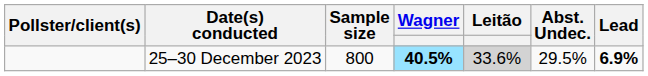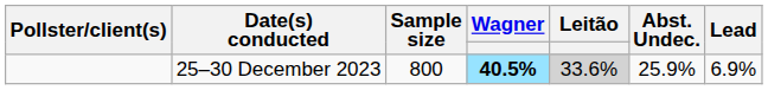 <table class="wikitable" style="text-align:center;font-size:90%;line-height:14px;">
 <tr>
 <th rowspan="2">Pollster/client(s)</th>
 <th rowspan="2">Date(s) <br>conducted</th>
 <th rowspan="2">Sample <br>size</th>
 <th class="unsortable" style="width:50px;"><a href='#'>Wagner</a><br></th>
 <th class="unsortable" style="width:50px;">Leitão<br></th>
 <th rowspan="2">Abst.<br>Undec.</th>
 <th rowspan="2">Lead</th>
 </tr>
 <tr>
 <th data-sort-type="number" class="sortable" style="background:"></th>
 <th data-sort-type="number" class="sortable" style="background:"></th>
 </tr>
 <tr>
 <td></td>
 <td>25–30 December 2023</td>
 <td>800</td>
 <td style="background:#97e3ff;"><strong>40.5%</strong></td>
 <td style="background: lightgrey;">33.6%</td>
-<td>29.5%</td>
-<td style="background:"><strong>6.9%</strong></td>
+<td>25.9%</td>
+<td style="background:">6.9%</td>
 </tr>
 </table>
